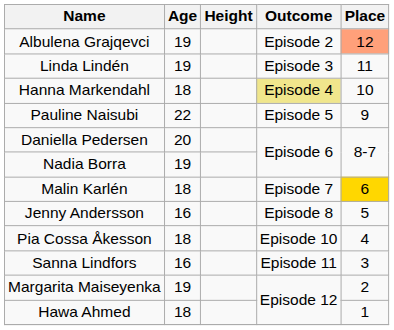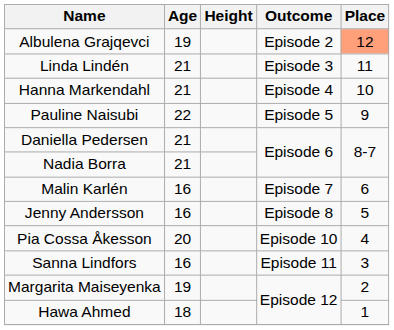 <table class="wikitable sortable" style="text-align:center;">
 <tr>
 <th>Name</th>
 <th>Age</th>
 <th>Height</th>
 <th>Outcome</th>
 <th>Place</th>
 </tr>
 <tr>
 <td>Albulena Grajqevci</td>
 <td>19</td>
 <td></td>
 <td>Episode 2</td>
 <td style="background: lightsalmon;">12</td>
 </tr>
 <tr>
 <td>Linda Lindén</td>
-<td>19</td>
+<td>21</td>
 <td></td>
 <td>Episode 3</td>
 <td>11</td>
 </tr>
 <tr>
 <td>Hanna Markendahl</td>
-<td>18</td>
+<td>21</td>
 <td></td>
-<td style="background: khaki;">Episode 4</td>
+<td>Episode 4</td>
 <td>10</td>
 </tr>
 <tr>
 <td>Pauline Naisubi</td>
 <td>22</td>
 <td></td>
 <td>Episode 5</td>
 <td>9</td>
 </tr>
 <tr>
 <td>Daniella Pedersen</td>
-<td>20</td>
+<td>21</td>
 <td></td>
 <td rowspan=2>Episode 6</td>
 <td rowspan=2>8-7</td>
 </tr>
 <tr>
 <td>Nadia Borra</td>
-<td>19</td>
+<td>21</td>
 <td></td>
 </tr>
 <tr>
 <td>Malin Karlén</td>
-<td>18</td>
+<td>16</td>
 <td></td>
 <td>Episode 7</td>
-<td style="background: gold;">6</td>
+<td>6</td>
 </tr>
 <tr>
 <td>Jenny Andersson</td>
 <td>16</td>
 <td></td>
 <td>Episode 8</td>
 <td>5</td>
 </tr>
 <tr>
 <td>Pia Cossa Åkesson</td>
-<td>18</td>
+<td>20</td>
 <td></td>
 <td>Episode 10</td>
 <td>4</td>
 </tr>
 <tr>
 <td>Sanna Lindfors</td>
 <td>16</td>
 <td></td>
 <td>Episode 11</td>
 <td>3</td>
 </tr>
 <tr>
 <td>Margarita Maiseyenka</td>
 <td>19</td>
 <td></td>
 <td rowspan=2>Episode 12</td>
 <td>2</td>
 </tr>
 <tr>
 <td>Hawa Ahmed</td>
 <td>18</td>
 <td></td>
 <td>1</td>
 </tr>
 <tr>
 </tr>
 </table>
